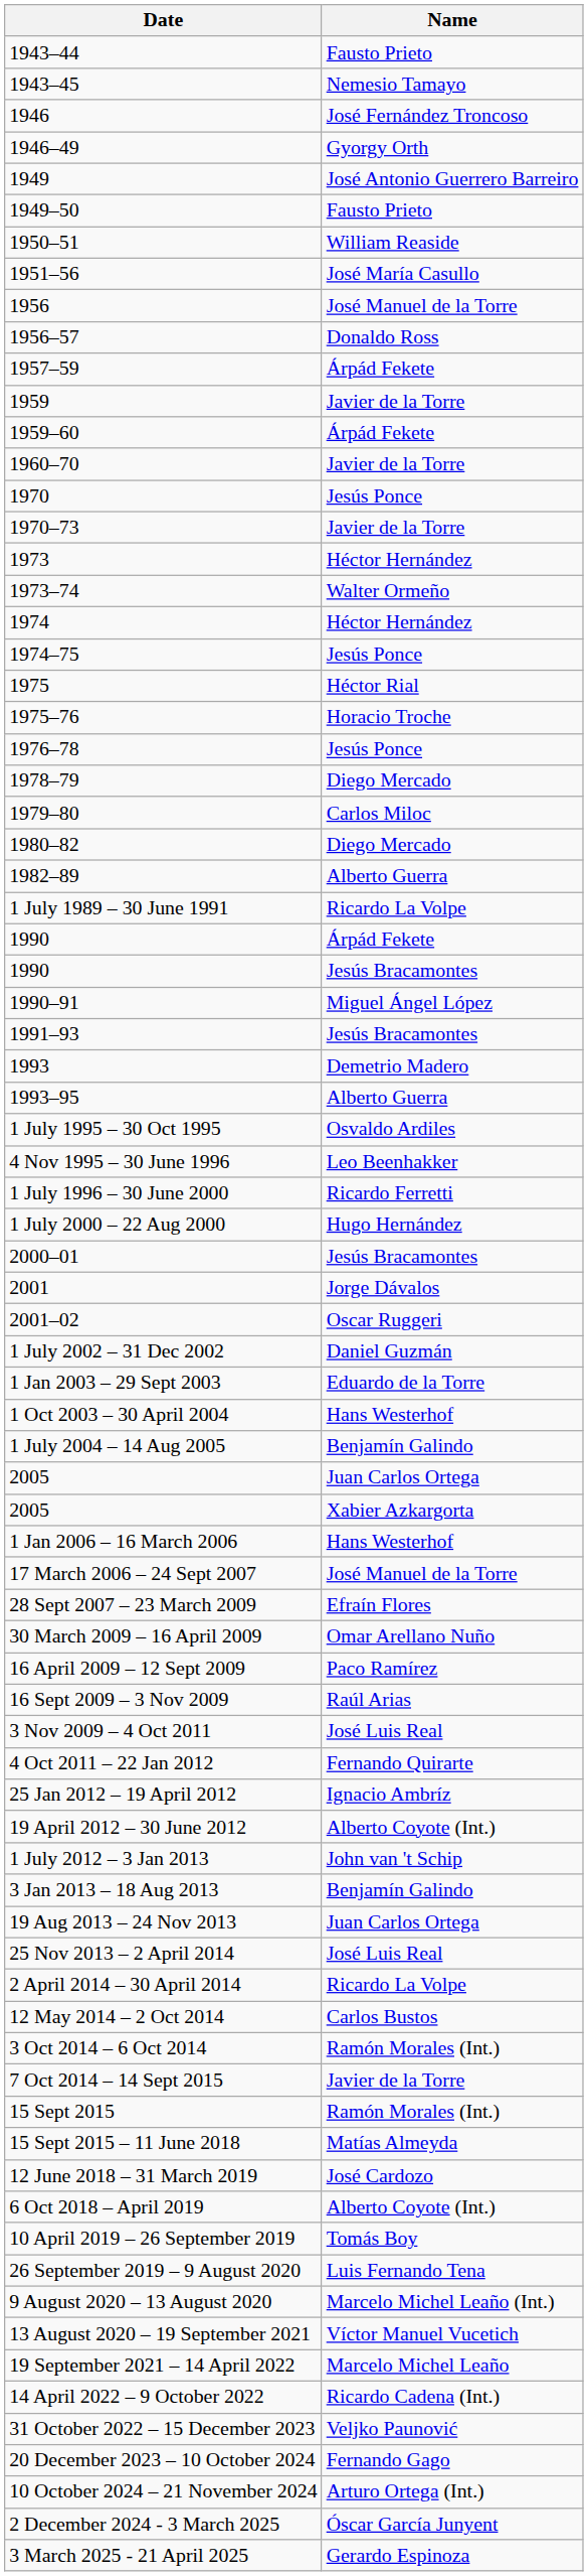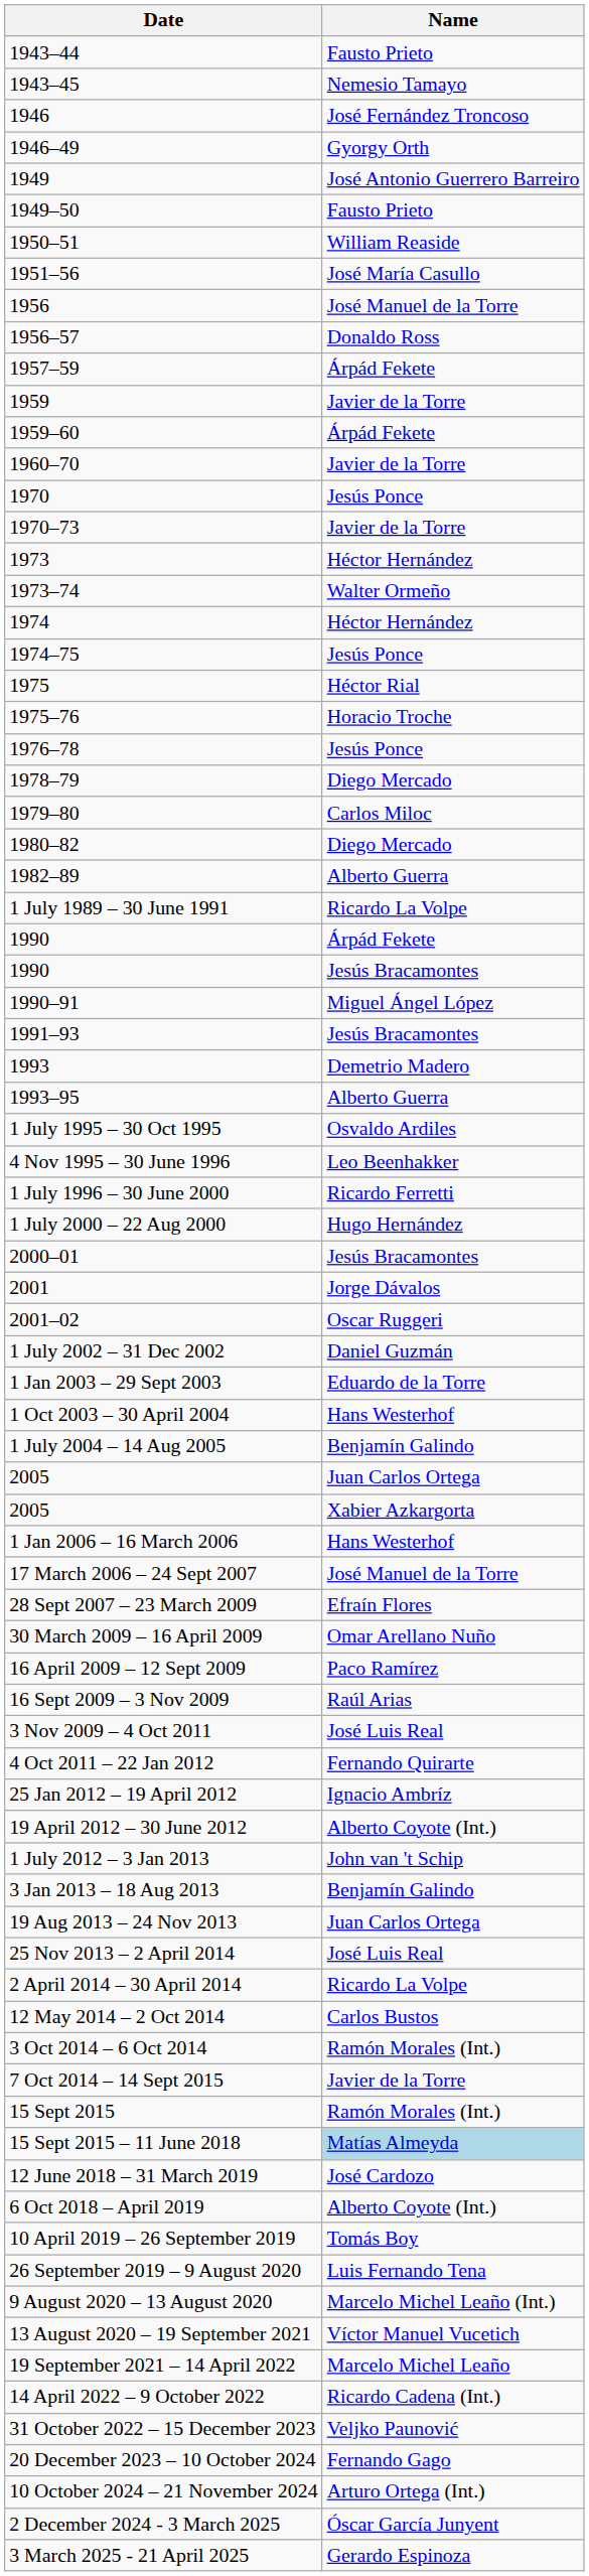 <table class="wikitable">
 <tr>
 <th>Date</th>
 <th>Name</th>
 </tr>
 <tr>
 <td>1943–44</td>
 <td> <a href='#'>Fausto Prieto</a></td>
 </tr>
 <tr>
 <td>1943–45</td>
 <td> <a href='#'>Nemesio Tamayo</a></td>
 </tr>
 <tr>
 <td>1946</td>
 <td> <a href='#'>José Fernández Troncoso</a></td>
 </tr>
 <tr>
 <td>1946–49</td>
 <td> <a href='#'>Gyorgy Orth</a></td>
 </tr>
 <tr>
 <td>1949</td>
 <td> <a href='#'>José Antonio Guerrero Barreiro</a></td>
 </tr>
 <tr>
 <td>1949–50</td>
 <td> <a href='#'>Fausto Prieto</a></td>
 </tr>
 <tr>
 <td>1950–51</td>
 <td> <a href='#'>William Reaside</a></td>
 </tr>
 <tr>
 <td>1951–56</td>
 <td> <a href='#'>José María Casullo</a></td>
 </tr>
 <tr>
 <td>1956</td>
 <td> <a href='#'>José Manuel de la Torre</a></td>
 </tr>
 <tr>
 <td>1956–57</td>
 <td> <a href='#'>Donaldo Ross</a></td>
 </tr>
 <tr>
 <td>1957–59</td>
 <td> <a href='#'>Árpád Fekete</a></td>
 </tr>
 <tr>
 <td>1959</td>
 <td> <a href='#'>Javier de la Torre</a></td>
 </tr>
 <tr>
 <td>1959–60</td>
 <td> <a href='#'>Árpád Fekete</a></td>
 </tr>
 <tr>
 <td>1960–70</td>
 <td> <a href='#'>Javier de la Torre</a></td>
 </tr>
 <tr>
 <td>1970</td>
 <td> <a href='#'>Jesús Ponce</a></td>
 </tr>
 <tr>
 <td>1970–73</td>
 <td> <a href='#'>Javier de la Torre</a></td>
 </tr>
 <tr>
 <td>1973</td>
 <td> <a href='#'>Héctor Hernández</a></td>
 </tr>
 <tr>
 <td>1973–74</td>
 <td> <a href='#'>Walter Ormeño</a></td>
 </tr>
 <tr>
 <td>1974</td>
 <td> <a href='#'>Héctor Hernández</a></td>
 </tr>
 <tr>
 <td>1974–75</td>
 <td> <a href='#'>Jesús Ponce</a></td>
 </tr>
 <tr>
 <td>1975</td>
 <td> <a href='#'>Héctor Rial</a></td>
 </tr>
 <tr>
 <td>1975–76</td>
 <td> <a href='#'>Horacio Troche</a></td>
 </tr>
 <tr>
 <td>1976–78</td>
 <td> <a href='#'>Jesús Ponce</a></td>
 </tr>
 <tr>
 <td>1978–79</td>
 <td> <a href='#'>Diego Mercado</a></td>
 </tr>
 <tr>
 <td>1979–80</td>
 <td> <a href='#'>Carlos Miloc</a></td>
 </tr>
 <tr>
 <td>1980–82</td>
 <td> <a href='#'>Diego Mercado</a></td>
 </tr>
 <tr>
 <td>1982–89</td>
 <td> <a href='#'>Alberto Guerra</a></td>
 </tr>
 <tr>
 <td>1 July 1989 – 30 June 1991</td>
 <td> <a href='#'>Ricardo La Volpe</a></td>
 </tr>
 <tr>
 <td>1990</td>
 <td> <a href='#'>Árpád Fekete</a></td>
 </tr>
 <tr>
 <td>1990</td>
 <td> <a href='#'>Jesús Bracamontes</a></td>
 </tr>
 <tr>
 <td>1990–91</td>
 <td> <a href='#'>Miguel Ángel López</a></td>
 </tr>
 <tr>
 <td>1991–93</td>
 <td> <a href='#'>Jesús Bracamontes</a></td>
 </tr>
 <tr>
 <td>1993</td>
 <td> <a href='#'>Demetrio Madero</a></td>
 </tr>
 <tr>
 <td>1993–95</td>
 <td> <a href='#'>Alberto Guerra</a></td>
 </tr>
 <tr>
 <td>1 July 1995 – 30 Oct 1995</td>
 <td> <a href='#'>Osvaldo Ardiles</a></td>
 </tr>
 <tr>
 <td>4 Nov 1995 – 30 June 1996</td>
 <td> <a href='#'>Leo Beenhakker</a></td>
 </tr>
 <tr>
 <td>1 July 1996 – 30 June 2000</td>
 <td> <a href='#'>Ricardo Ferretti</a></td>
 </tr>
 <tr>
 <td>1 July 2000 – 22 Aug 2000</td>
 <td> <a href='#'>Hugo Hernández</a></td>
 </tr>
 <tr>
 <td>2000–01</td>
 <td> <a href='#'>Jesús Bracamontes</a></td>
 </tr>
 <tr>
 <td>2001</td>
 <td> <a href='#'>Jorge Dávalos</a></td>
 </tr>
 <tr>
 <td>2001–02</td>
 <td> <a href='#'>Oscar Ruggeri</a></td>
 </tr>
 <tr>
 <td>1 July 2002 – 31 Dec 2002</td>
 <td> <a href='#'>Daniel Guzmán</a></td>
 </tr>
 <tr>
 <td>1 Jan 2003 – 29 Sept 2003</td>
 <td> <a href='#'>Eduardo de la Torre</a></td>
 </tr>
 <tr>
 <td>1 Oct 2003 – 30 April 2004</td>
 <td> <a href='#'>Hans Westerhof</a></td>
 </tr>
 <tr>
 <td>1 July 2004 – 14 Aug 2005</td>
 <td> <a href='#'>Benjamín Galindo</a></td>
 </tr>
 <tr>
 <td>2005</td>
 <td> <a href='#'>Juan Carlos Ortega</a></td>
 </tr>
 <tr>
 <td>2005</td>
 <td> <a href='#'>Xabier Azkargorta</a></td>
 </tr>
 <tr>
 <td>1 Jan 2006 – 16 March 2006</td>
 <td> <a href='#'>Hans Westerhof</a></td>
 </tr>
 <tr>
 <td>17 March 2006 – 24 Sept 2007</td>
 <td> <a href='#'>José Manuel de la Torre</a></td>
 </tr>
 <tr>
 <td>28 Sept 2007 – 23 March 2009</td>
 <td> <a href='#'>Efraín Flores</a></td>
 </tr>
 <tr>
 <td>30 March 2009 – 16 April 2009</td>
 <td> <a href='#'>Omar Arellano Nuño</a></td>
 </tr>
 <tr>
 <td>16 April 2009 – 12 Sept 2009</td>
 <td> <a href='#'>Paco Ramírez</a></td>
 </tr>
 <tr>
 <td>16 Sept 2009 – 3 Nov 2009</td>
 <td> <a href='#'>Raúl Arias</a></td>
 </tr>
 <tr>
 <td>3 Nov 2009 – 4 Oct 2011</td>
 <td> <a href='#'>José Luis Real</a></td>
 </tr>
 <tr>
 <td>4 Oct 2011 – 22 Jan 2012</td>
 <td> <a href='#'>Fernando Quirarte</a></td>
 </tr>
 <tr>
 <td>25 Jan 2012 – 19 April 2012</td>
 <td> <a href='#'>Ignacio Ambríz</a></td>
 </tr>
 <tr>
 <td>19 April 2012 – 30 June 2012</td>
 <td> <a href='#'>Alberto Coyote</a> (Int.)</td>
 </tr>
 <tr>
 <td>1 July 2012 – 3 Jan 2013</td>
 <td> <a href='#'>John van 't Schip</a></td>
 </tr>
 <tr>
 <td>3 Jan 2013 – 18 Aug 2013</td>
 <td> <a href='#'>Benjamín Galindo</a></td>
 </tr>
 <tr>
 <td>19 Aug 2013 – 24 Nov 2013</td>
 <td> <a href='#'>Juan Carlos Ortega</a></td>
 </tr>
 <tr>
 <td>25 Nov 2013 – 2 April 2014</td>
 <td> <a href='#'>José Luis Real</a></td>
 </tr>
 <tr>
 <td>2 April 2014 – 30 April 2014</td>
 <td> <a href='#'>Ricardo La Volpe</a></td>
 </tr>
 <tr>
 <td>12 May 2014 – 2 Oct 2014</td>
 <td> <a href='#'>Carlos Bustos</a></td>
 </tr>
 <tr>
 <td>3 Oct 2014 – 6 Oct 2014</td>
 <td> <a href='#'>Ramón Morales</a> (Int.)</td>
 </tr>
 <tr>
 <td>7 Oct 2014 – 14 Sept 2015</td>
 <td> <a href='#'>Javier de la Torre</a></td>
 </tr>
 <tr>
 <td>15 Sept 2015</td>
 <td> <a href='#'>Ramón Morales</a> (Int.)</td>
 </tr>
 <tr>
 <td>15 Sept 2015 – 11 June 2018</td>
-<td> <a href='#'>Matías Almeyda</a></td>
+<td style="background: lightblue;"> <a href='#'>Matías Almeyda</a></td>
 </tr>
 <tr>
 <td>12 June 2018 – 31 March 2019</td>
 <td> <a href='#'>José Cardozo</a></td>
 </tr>
 <tr>
 <td>6 Oct 2018 – April 2019</td>
 <td> <a href='#'>Alberto Coyote</a> (Int.)</td>
 </tr>
 <tr>
 <td>10 April 2019 – 26 September 2019</td>
 <td> <a href='#'>Tomás Boy</a></td>
 </tr>
 <tr>
 <td>26 September 2019 – 9 August 2020</td>
 <td> <a href='#'>Luis Fernando Tena</a></td>
 </tr>
 <tr>
 <td>9 August 2020 – 13 August 2020</td>
 <td> <a href='#'>Marcelo Michel Leaño</a> (Int.)</td>
 </tr>
 <tr>
 <td>13 August 2020 – 19 September 2021</td>
 <td> <a href='#'>Víctor Manuel Vucetich</a></td>
 </tr>
 <tr>
 <td>19 September 2021 – 14 April 2022</td>
 <td> <a href='#'>Marcelo Michel Leaño</a></td>
 </tr>
 <tr>
 <td>14 April 2022 – 9 October 2022</td>
 <td> <a href='#'>Ricardo Cadena</a> (Int.)</td>
 </tr>
 <tr>
 <td>31 October 2022 – 15 December 2023</td>
 <td> <a href='#'>Veljko Paunović</a></td>
 </tr>
 <tr>
 <td>20 December 2023 – 10 October 2024</td>
 <td> <a href='#'>Fernando Gago</a></td>
 </tr>
 <tr>
 <td>10 October 2024 – 21 November 2024</td>
 <td> <a href='#'>Arturo Ortega</a> (Int.)</td>
 </tr>
 <tr>
 <td>2 December 2024 - 3 March 2025</td>
 <td> <a href='#'>Óscar García Junyent</a></td>
 </tr>
 <tr>
 <td>3 March 2025 - 21 April 2025</td>
 <td> <a href='#'>Gerardo Espinoza</a></td>
 </tr>
 </table>
